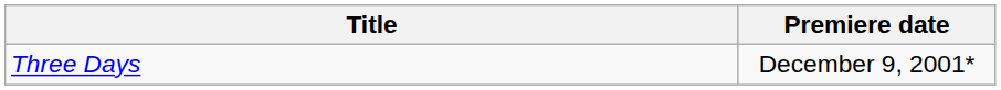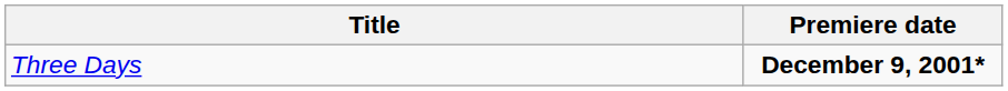 <table class="wikitable plainrowheaders sortable" style="width:50%;text-align:center;">
 <tr>
 <th scope="col" style="width:40%;">Title</th>
 <th scope="col" style="width:14%;">Premiere date</th>
 </tr>
 <tr>
 <td scope="row" style="text-align:left;"><em><a href='#'>Three Days</a></em></td>
-<td>December 9, 2001*</td>
+<td><strong>December 9, 2001*</strong></td>
 </tr>
 </table>
